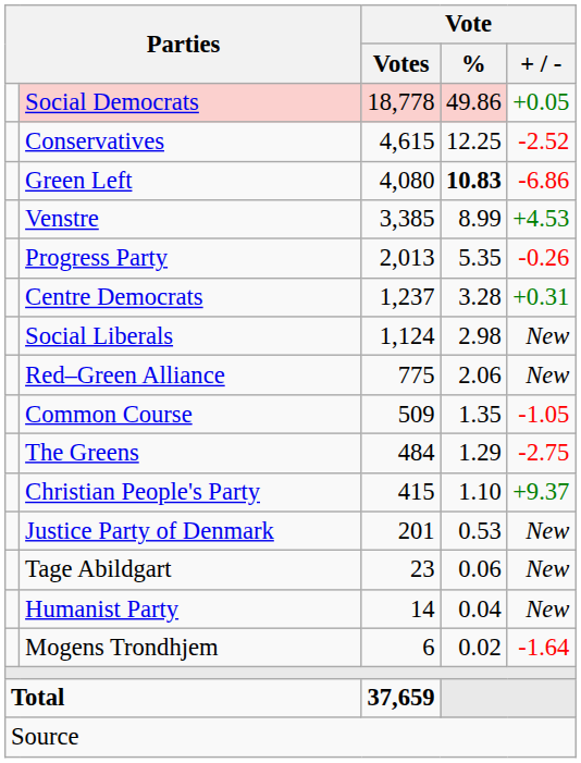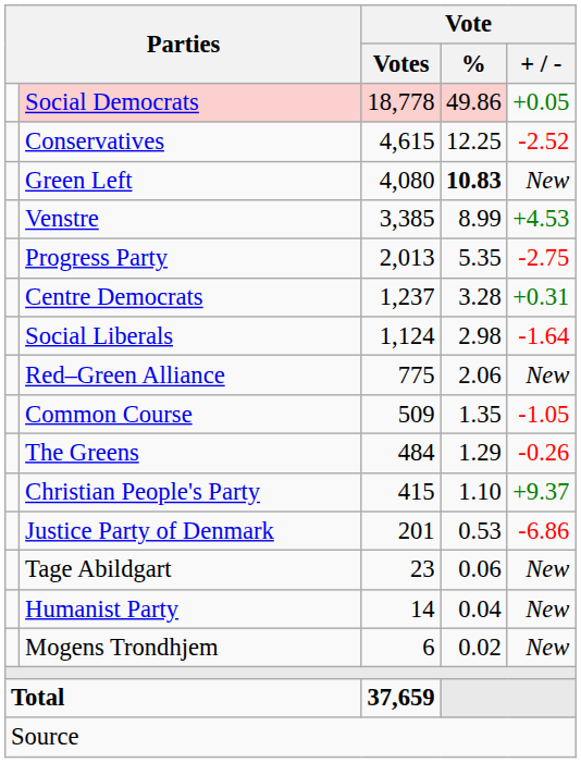 <table class="wikitable" style="text-align:right;">
 <tr>
 <th style="text-align:centre;" rowspan="2" colspan="2" width="225">Parties</th>
 <th colspan="3">Vote</th>
 </tr>
 <tr>
 <th width="15">Votes</th>
 <th width="15">%</th>
 <th width="15">+ / -</th>
 </tr>
 <tr>
 <td width="2" style="color:inherit;background:"></td>
 <td bgcolor=#fbd0ce  align="left"><a href='#'>Social Democrats</a></td>
 <td bgcolor=#fbd0ce>18,778</td>
 <td bgcolor=#fbd0ce>49.86</td>
 <td style=color:green;>+0.05</td>
 </tr>
 <tr>
 <td width="2" style="color:inherit;background:"></td>
 <td align="left"><a href='#'>Conservatives</a></td>
 <td>4,615</td>
 <td>12.25</td>
 <td style=color:red;>-2.52</td>
 </tr>
 <tr>
 <td width="2" style="color:inherit;background:"></td>
 <td align="left"><a href='#'>Green Left</a></td>
 <td>4,080</td>
 <td><strong>10.83</strong></td>
-<td style=color:red;>-6.86</td>
+<td><em>New</em></td>
 </tr>
 <tr>
 <td width="2" style="color:inherit;background:"></td>
 <td align="left"><a href='#'>Venstre</a></td>
 <td>3,385</td>
 <td>8.99</td>
 <td style=color:green;>+4.53</td>
 </tr>
 <tr>
 <td width="2" style="color:inherit;background:"></td>
 <td align="left"><a href='#'>Progress Party</a></td>
 <td>2,013</td>
 <td>5.35</td>
-<td style=color:red;>-0.26</td>
+<td style=color:red;>-2.75</td>
 </tr>
 <tr>
 <td width="2" style="color:inherit;background:"></td>
 <td align="left"><a href='#'>Centre Democrats</a></td>
 <td>1,237</td>
 <td>3.28</td>
 <td style=color:green;>+0.31</td>
 </tr>
 <tr>
 <td width="2" style="color:inherit;background:"></td>
 <td align="left"><a href='#'>Social Liberals</a></td>
 <td>1,124</td>
 <td>2.98</td>
-<td><em>New</em></td>
+<td style=color:red;>-1.64</td>
 </tr>
 <tr>
 <td width="2" style="color:inherit;background:"></td>
 <td align="left"><a href='#'>Red–Green Alliance</a></td>
 <td>775</td>
 <td>2.06</td>
 <td><em>New</em></td>
 </tr>
 <tr>
 <td width="2" style="color:inherit;background:"></td>
 <td align="left"><a href='#'>Common Course</a></td>
 <td>509</td>
 <td>1.35</td>
 <td style=color:red;>-1.05</td>
 </tr>
 <tr>
 <td width="2" style="color:inherit;background:"></td>
 <td align="left"><a href='#'>The Greens</a></td>
 <td>484</td>
 <td>1.29</td>
-<td style=color:red;>-2.75</td>
+<td style=color:red;>-0.26</td>
 </tr>
 <tr>
 <td width="2" style="color:inherit;background:"></td>
 <td align="left"><a href='#'>Christian People's Party</a></td>
 <td>415</td>
 <td>1.10</td>
 <td style=color:green;>+9.37</td>
 </tr>
 <tr>
 <td width="2" style="color:inherit;background:"></td>
 <td align="left"><a href='#'>Justice Party of Denmark</a></td>
 <td>201</td>
 <td>0.53</td>
-<td><em>New</em></td>
+<td style=color:red;>-6.86</td>
 </tr>
 <tr>
 <td width="2" style="color:inherit;background:"></td>
 <td align="left">Tage Abildgart</td>
 <td>23</td>
 <td>0.06</td>
 <td><em>New</em></td>
 </tr>
 <tr>
 <td width="2" style="color:inherit;background:"></td>
 <td align="left"><a href='#'>Humanist Party</a></td>
 <td>14</td>
 <td>0.04</td>
 <td><em>New</em></td>
 </tr>
 <tr>
 <td width="2" style="color:inherit;background:"></td>
 <td align="left">Mogens Trondhjem</td>
 <td>6</td>
 <td>0.02</td>
-<td style=color:red;>-1.64</td>
+<td><em>New</em></td>
 </tr>
 <tr>
 <td colspan="7" bgcolor="#E9E9E9"></td>
 </tr>
 <tr>
 <td align="left" colspan="2"><strong>Total</strong></td>
 <td><strong>37,659</strong></td>
 <td bgcolor="#E9E9E9" colspan="2"></td>
 </tr>
 <tr>
 <td align="left" colspan="6">Source</td>
 </tr>
 </table>
